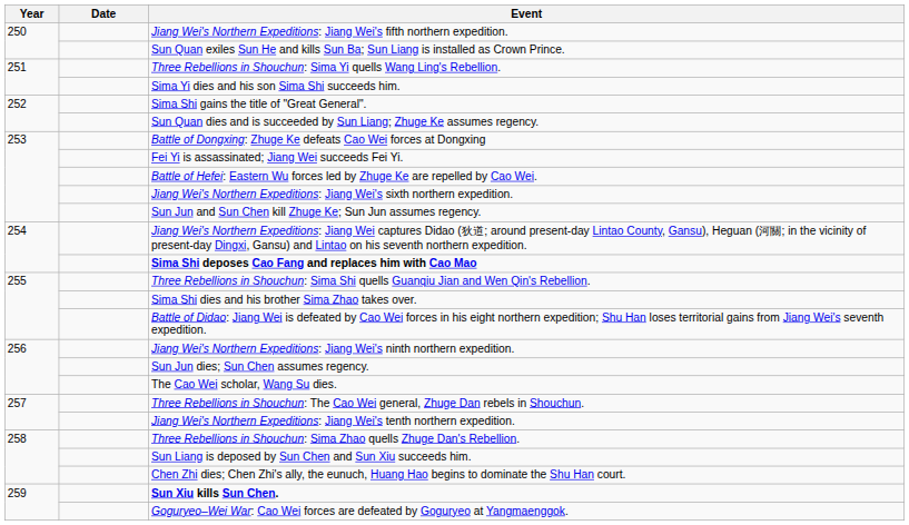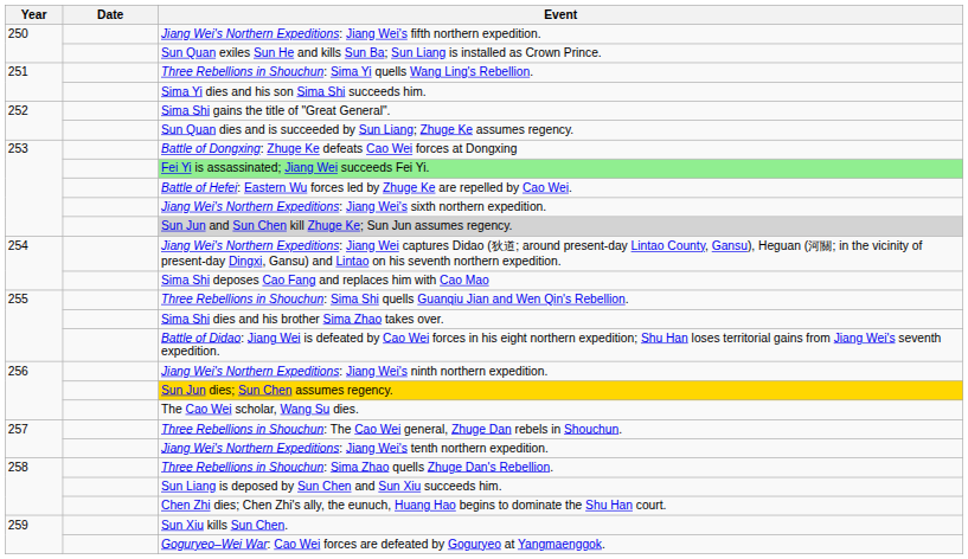 <table class="wikitable" style="width:100%;">
 <tr>
 <th style="width:6%">Year</th>
 <th style="width:10%">Date</th>
 <th>Event</th>
 </tr>
 <tr>
 <td rowspan="2" style="vertical-align:top;">250</td>
 <td></td>
 <td><em><a href='#'>Jiang Wei's Northern Expeditions</a></em>: <a href='#'>Jiang Wei's</a> fifth northern expedition.</td>
 </tr>
 <tr>
 <td></td>
 <td><a href='#'>Sun Quan</a> exiles <a href='#'>Sun He</a> and kills <a href='#'>Sun Ba</a>; <a href='#'>Sun Liang</a> is installed as Crown Prince.</td>
 </tr>
 <tr>
 <td rowspan="2" style="vertical-align:top;">251</td>
 <td></td>
 <td><em><a href='#'>Three Rebellions in Shouchun</a></em>: <a href='#'>Sima Yi</a> quells <a href='#'>Wang Ling's Rebellion</a>.</td>
 </tr>
 <tr>
 <td></td>
 <td><a href='#'>Sima Yi</a> dies and his son <a href='#'>Sima Shi</a> succeeds him.</td>
 </tr>
 <tr>
 <td rowspan="2" style="vertical-align:top;">252</td>
 <td></td>
 <td><a href='#'>Sima Shi</a> gains the title of "Great General".</td>
 </tr>
 <tr>
 <td></td>
 <td><a href='#'>Sun Quan</a> dies and is succeeded by <a href='#'>Sun Liang</a>; <a href='#'>Zhuge Ke</a> assumes regency.</td>
 </tr>
 <tr>
 <td rowspan="5" style="vertical-align:top;">253</td>
 <td></td>
 <td><em><a href='#'>Battle of Dongxing</a></em>: <a href='#'>Zhuge Ke</a> defeats <a href='#'>Cao Wei</a> forces at Dongxing</td>
 </tr>
 <tr>
 <td></td>
-<td><a href='#'>Fei Yi</a> is assassinated; <a href='#'>Jiang Wei</a> succeeds Fei Yi.</td>
+<td style="background: lightgreen;"><a href='#'>Fei Yi</a> is assassinated; <a href='#'>Jiang Wei</a> succeeds Fei Yi.</td>
 </tr>
 <tr>
 <td></td>
 <td><a href='#'><em>Battle of Hefei</em></a>: <a href='#'>Eastern Wu</a> forces led by <a href='#'>Zhuge Ke</a> are repelled by <a href='#'>Cao Wei</a>.</td>
 </tr>
 <tr>
 <td></td>
 <td><em><a href='#'>Jiang Wei's Northern Expeditions</a></em>: <a href='#'>Jiang Wei's</a> sixth northern expedition.</td>
 </tr>
 <tr>
 <td></td>
-<td><a href='#'>Sun Jun</a> and <a href='#'>Sun Chen</a> kill <a href='#'>Zhuge Ke</a>; Sun Jun assumes regency.</td>
+<td style="background: lightgrey;"><a href='#'>Sun Jun</a> and <a href='#'>Sun Chen</a> kill <a href='#'>Zhuge Ke</a>; Sun Jun assumes regency.</td>
 </tr>
 <tr>
 <td rowspan="2" style="vertical-align:top;">254</td>
 <td></td>
 <td><em><a href='#'>Jiang Wei's Northern Expeditions</a></em>: <a href='#'>Jiang Wei</a> captures Didao (狄道; around present-day <a href='#'>Lintao County</a>, <a href='#'>Gansu</a>), Heguan (河關; in the vicinity of present-day <a href='#'>Dingxi</a>, Gansu)  and <a href='#'>Lintao</a> on his seventh northern expedition.</td>
 </tr>
 <tr>
 <td></td>
-<td><strong><a href='#'>Sima Shi</a> deposes <a href='#'>Cao Fang</a> and replaces him with <a href='#'>Cao Mao</a></strong></td>
+<td><a href='#'>Sima Shi</a> deposes <a href='#'>Cao Fang</a> and replaces him with <a href='#'>Cao Mao</a></td>
 </tr>
 <tr>
 <td rowspan="3" style="vertical-align:top;">255</td>
 <td></td>
 <td><em><a href='#'>Three Rebellions in Shouchun</a></em>: <a href='#'>Sima Shi</a> quells <a href='#'>Guanqiu Jian and Wen Qin's Rebellion</a>.</td>
 </tr>
 <tr>
 <td></td>
 <td><a href='#'>Sima Shi</a> dies and his brother <a href='#'>Sima Zhao</a> takes over.</td>
 </tr>
 <tr>
 <td></td>
 <td><em><a href='#'>Battle of Didao</a></em>: <a href='#'>Jiang Wei</a> is defeated by <a href='#'>Cao Wei</a> forces in his eight northern expedition; <a href='#'>Shu Han</a> loses territorial gains from <a href='#'>Jiang Wei's</a> seventh expedition.</td>
 </tr>
 <tr>
 <td rowspan="3" style="vertical-align:top;">256</td>
 <td></td>
 <td><em><a href='#'>Jiang Wei's Northern Expeditions</a></em>: <a href='#'>Jiang Wei's</a> ninth northern expedition.</td>
 </tr>
 <tr>
 <td></td>
-<td><a href='#'>Sun Jun</a> dies; <a href='#'>Sun Chen</a> assumes regency.</td>
+<td style="background: gold;"><a href='#'>Sun Jun</a> dies; <a href='#'>Sun Chen</a> assumes regency.</td>
 </tr>
 <tr>
 <td></td>
 <td>The <a href='#'>Cao Wei</a> scholar, <a href='#'>Wang Su</a> dies.</td>
 </tr>
 <tr>
 <td rowspan="2" style="vertical-align:top;">257</td>
 <td></td>
 <td><em><a href='#'>Three Rebellions in Shouchun</a></em>: The <a href='#'>Cao Wei</a> general, <a href='#'>Zhuge Dan</a> rebels in <a href='#'>Shouchun</a>.</td>
 </tr>
 <tr>
 <td></td>
 <td><em><a href='#'>Jiang Wei's Northern Expeditions</a></em>: <a href='#'>Jiang Wei's</a> tenth northern expedition.</td>
 </tr>
 <tr>
 <td rowspan="3" style="vertical-align:top;">258</td>
 <td></td>
 <td><em><a href='#'>Three Rebellions in Shouchun</a></em>: <a href='#'>Sima Zhao</a> quells <a href='#'>Zhuge Dan's Rebellion</a>.</td>
 </tr>
 <tr>
 <td></td>
 <td><a href='#'>Sun Liang</a> is deposed by <a href='#'>Sun Chen</a> and <a href='#'>Sun Xiu</a> succeeds him.</td>
 </tr>
 <tr>
 <td></td>
 <td><a href='#'>Chen Zhi</a> dies; Chen Zhi's ally, the eunuch, <a href='#'>Huang Hao</a> begins to dominate the <a href='#'>Shu Han</a> court.</td>
 </tr>
 <tr>
 <td rowspan="2" style="vertical-align:top;">259</td>
 <td></td>
-<td><strong><a href='#'>Sun Xiu</a> kills <a href='#'>Sun Chen</a>.</strong></td>
+<td><a href='#'>Sun Xiu</a> kills <a href='#'>Sun Chen</a>.</td>
 </tr>
 <tr>
 <td></td>
 <td><em><a href='#'>Goguryeo–Wei War</a></em>: <a href='#'>Cao Wei</a> forces are defeated by <a href='#'>Goguryeo</a> at <a href='#'>Yangmaenggok</a>.</td>
 </tr>
 </table>
